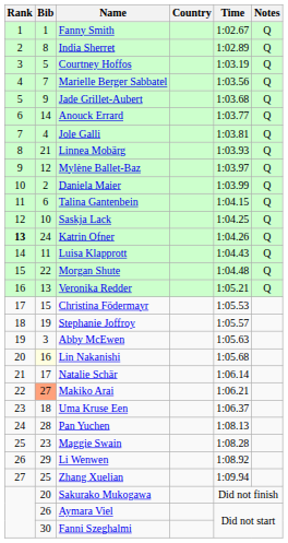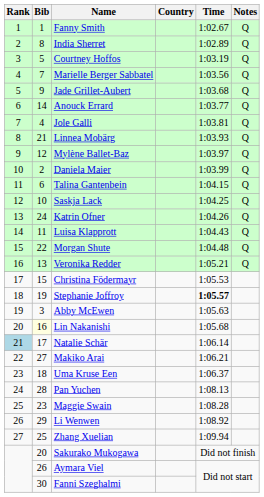 <table class="wikitable sortable" style="text-align:center">
 <tr>
 <th>Rank</th>
 <th>Bib</th>
 <th>Name</th>
 <th>Country</th>
 <th>Time</th>
 <th>Notes</th>
 </tr>
 <tr bgcolor=ccffcc>
 <td>1</td>
 <td>1</td>
 <td align=left><a href='#'>Fanny Smith</a></td>
 <td align=left></td>
 <td>1:02.67</td>
 <td>Q</td>
 </tr>
 <tr bgcolor=ccffcc>
 <td>2</td>
 <td>8</td>
 <td align=left><a href='#'>India Sherret</a></td>
 <td align=left></td>
 <td>1:02.89</td>
 <td>Q</td>
 </tr>
 <tr bgcolor=ccffcc>
 <td>3</td>
 <td>5</td>
 <td align=left><a href='#'>Courtney Hoffos</a></td>
 <td align=left></td>
 <td>1:03.19</td>
 <td>Q</td>
 </tr>
 <tr bgcolor=ccffcc>
 <td>4</td>
 <td>7</td>
 <td align=left><a href='#'>Marielle Berger Sabbatel</a></td>
 <td align=left></td>
 <td>1:03.56</td>
 <td>Q</td>
 </tr>
 <tr bgcolor=ccffcc>
 <td>5</td>
 <td>9</td>
 <td align=left><a href='#'>Jade Grillet-Aubert</a></td>
 <td align=left></td>
 <td>1:03.68</td>
 <td>Q</td>
 </tr>
 <tr bgcolor=ccffcc>
 <td>6</td>
 <td>14</td>
 <td align=left><a href='#'>Anouck Errard</a></td>
 <td align=left></td>
 <td>1:03.77</td>
 <td>Q</td>
 </tr>
 <tr bgcolor=ccffcc>
 <td>7</td>
 <td>4</td>
 <td align=left><a href='#'>Jole Galli</a></td>
 <td align=left></td>
 <td>1:03.81</td>
 <td>Q</td>
 </tr>
 <tr bgcolor=ccffcc>
 <td>8</td>
 <td>21</td>
 <td align=left><a href='#'>Linnea Mobärg</a></td>
 <td align=left></td>
 <td>1:03.93</td>
 <td>Q</td>
 </tr>
 <tr bgcolor=ccffcc>
 <td>9</td>
 <td>12</td>
 <td align=left><a href='#'>Mylène Ballet-Baz</a></td>
 <td align=left></td>
 <td>1:03.97</td>
 <td>Q</td>
 </tr>
 <tr bgcolor=ccffcc>
 <td>10</td>
 <td>2</td>
 <td align=left><a href='#'>Daniela Maier</a></td>
 <td align=left></td>
 <td>1:03.99</td>
 <td>Q</td>
 </tr>
 <tr bgcolor=ccffcc>
 <td>11</td>
 <td>6</td>
 <td align=left><a href='#'>Talina Gantenbein</a></td>
 <td align=left></td>
 <td>1:04.15</td>
 <td>Q</td>
 </tr>
 <tr bgcolor=ccffcc>
 <td>12</td>
 <td>10</td>
 <td align=left><a href='#'>Saskja Lack</a></td>
 <td align=left></td>
 <td>1:04.25</td>
 <td>Q</td>
 </tr>
 <tr bgcolor=ccffcc>
-<td><strong>13</strong></td>
+<td>13</td>
 <td>24</td>
 <td align=left><a href='#'>Katrin Ofner</a></td>
 <td align=left></td>
 <td>1:04.26</td>
 <td>Q</td>
 </tr>
 <tr bgcolor=ccffcc>
 <td>14</td>
 <td>11</td>
 <td align=left><a href='#'>Luisa Klapprott</a></td>
 <td align=left></td>
 <td>1:04.43</td>
 <td>Q</td>
 </tr>
 <tr bgcolor=ccffcc>
 <td>15</td>
 <td>22</td>
 <td align=left><a href='#'>Morgan Shute</a></td>
 <td align=left></td>
 <td>1:04.48</td>
 <td>Q</td>
 </tr>
 <tr bgcolor=ccffcc>
 <td>16</td>
 <td>13</td>
 <td align=left><a href='#'>Veronika Redder</a></td>
 <td align=left></td>
 <td>1:05.21</td>
 <td>Q</td>
 </tr>
 <tr>
 <td>17</td>
 <td>15</td>
 <td align=left><a href='#'>Christina Födermayr</a></td>
 <td align=left></td>
 <td>1:05.53</td>
 <td></td>
 </tr>
 <tr>
 <td>18</td>
 <td>19</td>
 <td align=left><a href='#'>Stephanie Joffroy</a></td>
 <td align=left></td>
-<td>1:05.57</td>
+<td><strong>1:05.57</strong></td>
 <td></td>
 </tr>
 <tr>
 <td>19</td>
 <td>3</td>
 <td align=left><a href='#'>Abby McEwen</a></td>
 <td align=left></td>
 <td>1:05.63</td>
 <td></td>
 </tr>
 <tr>
 <td>20</td>
 <td style="background: lightyellow;">16</td>
 <td align=left><a href='#'>Lin Nakanishi</a></td>
 <td align=left></td>
 <td>1:05.68</td>
 <td></td>
 </tr>
 <tr>
-<td>21</td>
+<td style="background: lightblue;">21</td>
 <td>17</td>
 <td align=left><a href='#'>Natalie Schär</a></td>
 <td align=left></td>
 <td>1:06.14</td>
 <td></td>
 </tr>
 <tr>
 <td>22</td>
-<td style="background: lightsalmon;">27</td>
+<td>27</td>
 <td align=left><a href='#'>Makiko Arai</a></td>
 <td align=left></td>
 <td>1:06.21</td>
 <td></td>
 </tr>
 <tr>
 <td>23</td>
 <td>18</td>
 <td align=left><a href='#'>Uma Kruse Een</a></td>
 <td align=left></td>
 <td>1:06.37</td>
 <td></td>
 </tr>
 <tr>
 <td>24</td>
 <td>28</td>
 <td align=left><a href='#'>Pan Yuchen</a></td>
 <td align=left></td>
 <td>1:08.13</td>
 <td></td>
 </tr>
 <tr>
 <td>25</td>
 <td>23</td>
 <td align=left><a href='#'>Maggie Swain</a></td>
 <td align=left></td>
 <td>1:08.28</td>
 <td></td>
 </tr>
 <tr>
 <td>26</td>
 <td>29</td>
 <td align=left><a href='#'>Li Wenwen</a></td>
 <td align=left></td>
 <td>1:08.92</td>
 <td></td>
 </tr>
 <tr>
 <td>27</td>
 <td>25</td>
 <td align=left><a href='#'>Zhang Xuelian</a></td>
 <td align=left></td>
 <td>1:09.94</td>
 <td></td>
 </tr>
 <tr>
 <td rowspan=3></td>
 <td>20</td>
 <td align=left><a href='#'>Sakurako Mukogawa</a></td>
 <td align=left></td>
 <td colspan=2>Did not finish</td>
 </tr>
 <tr>
 <td>26</td>
 <td align=left><a href='#'>Aymara Viel</a></td>
 <td align=left></td>
 <td colspan=2 rowspan=2>Did not start</td>
 </tr>
 <tr>
 <td>30</td>
 <td align=left><a href='#'>Fanni Szeghalmi</a></td>
 <td align=left></td>
 </tr>
 </table>
